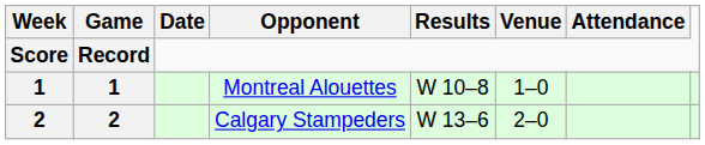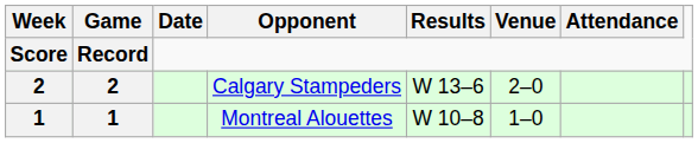 <table class="wikitable" style="text-align:center">
 <tr>
 <th>Week</th>
 <th>Game</th>
 <th>Date</th>
 <th>Opponent</th>
 <th>Results</th>
 <th>Venue</th>
 <th>Attendance</th>
 </tr>
 <tr>
 <th>Score</th>
 <th>Record</th>
 </tr>
 <tr style="background:#ddffdd">
+<th>2</th>
+<th>2</th>
+<td></td>
+<td><a href='#'>Calgary Stampeders</a></td>
+<td>W 13–6</td>
+<td>2–0</td>
+<td></td>
+<td></td>
+</tr>
+<tr style="background:#ddffdd">
 <th>1</th>
 <th>1</th>
 <td></td>
 <td><a href='#'>Montreal Alouettes</a></td>
 <td>W 10–8</td>
 <td>1–0</td>
 <td></td>
 <td></td>
 </tr>
-<tr style="background:#ddffdd">
-<th>2</th>
-<th>2</th>
-<td></td>
-<td><a href='#'>Calgary Stampeders</a></td>
-<td>W 13–6</td>
-<td>2–0</td>
-<td></td>
-<td></td>
-</tr>
 </table>
